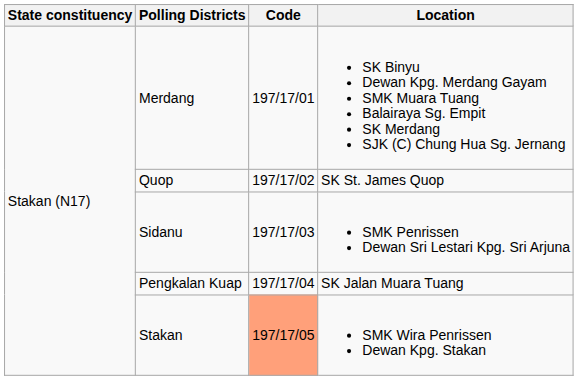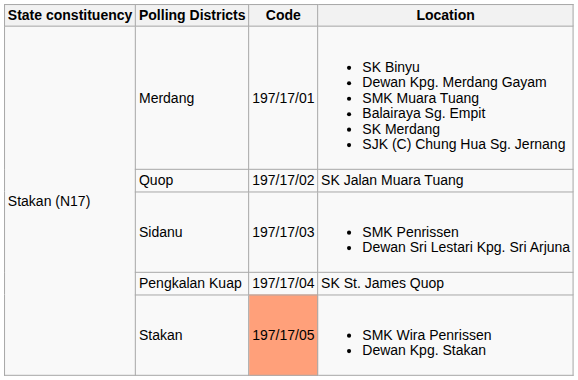 <table class="wikitable sortable mw-collapsible" style="white-space:nowrap;font-size:85%">
 <tr>
 <th>State constituency</th>
 <th>Polling Districts</th>
 <th>Code</th>
 <th>Location</th>
 </tr>
 <tr>
 <td rowspan="5">Stakan (N17)</td>
 <td>Merdang</td>
 <td>197/17/01</td>
 <td><br><ul><li>SK Binyu</li><li>Dewan Kpg. Merdang Gayam</li><li>SMK Muara Tuang</li><li>Balairaya Sg. Empit</li><li>SK Merdang</li><li>SJK (C) Chung Hua Sg. Jernang</li></ul></td>
 </tr>
 <tr>
 <td>Quop</td>
 <td>197/17/02</td>
-<td>SK St. James Quop</td>
+<td>SK Jalan Muara Tuang</td>
 </tr>
 <tr>
 <td>Sidanu</td>
 <td>197/17/03</td>
 <td><br><ul><li>SMK Penrissen</li><li>Dewan Sri Lestari Kpg. Sri Arjuna</li></ul></td>
 </tr>
 <tr>
 <td>Pengkalan Kuap</td>
 <td>197/17/04</td>
-<td>SK Jalan Muara Tuang</td>
+<td>SK St. James Quop</td>
 </tr>
 <tr>
 <td>Stakan</td>
 <td style="background: lightsalmon;">197/17/05</td>
 <td><br><ul><li>SMK Wira Penrissen</li><li>Dewan Kpg. Stakan</li></ul></td>
 </tr>
 </table>
